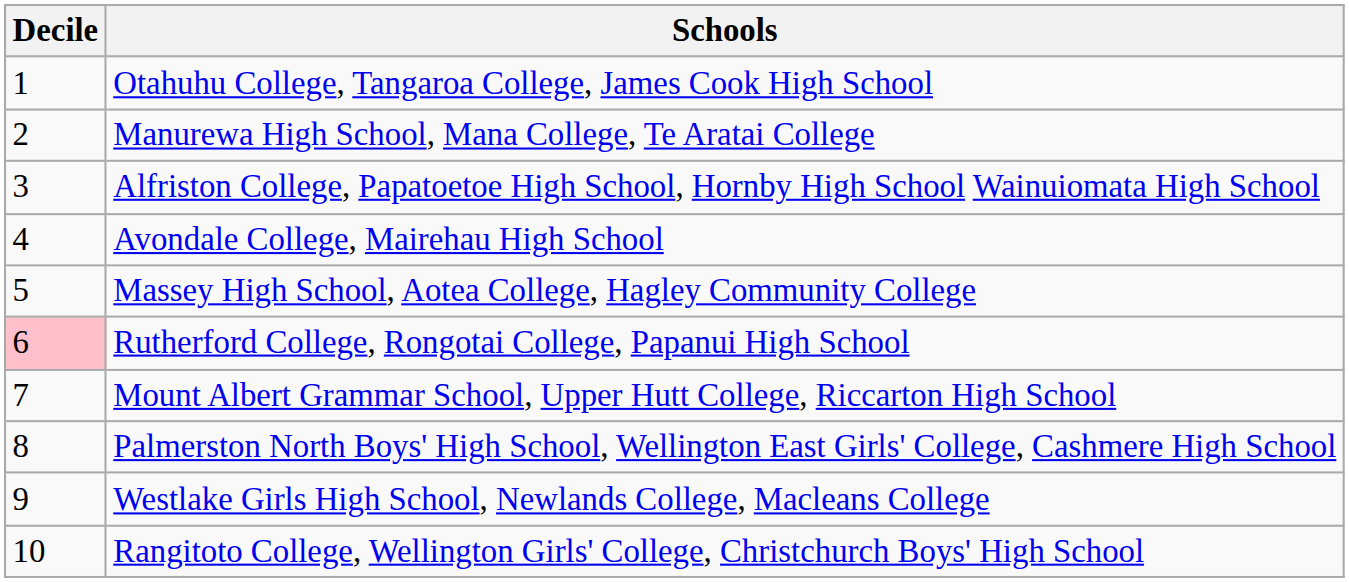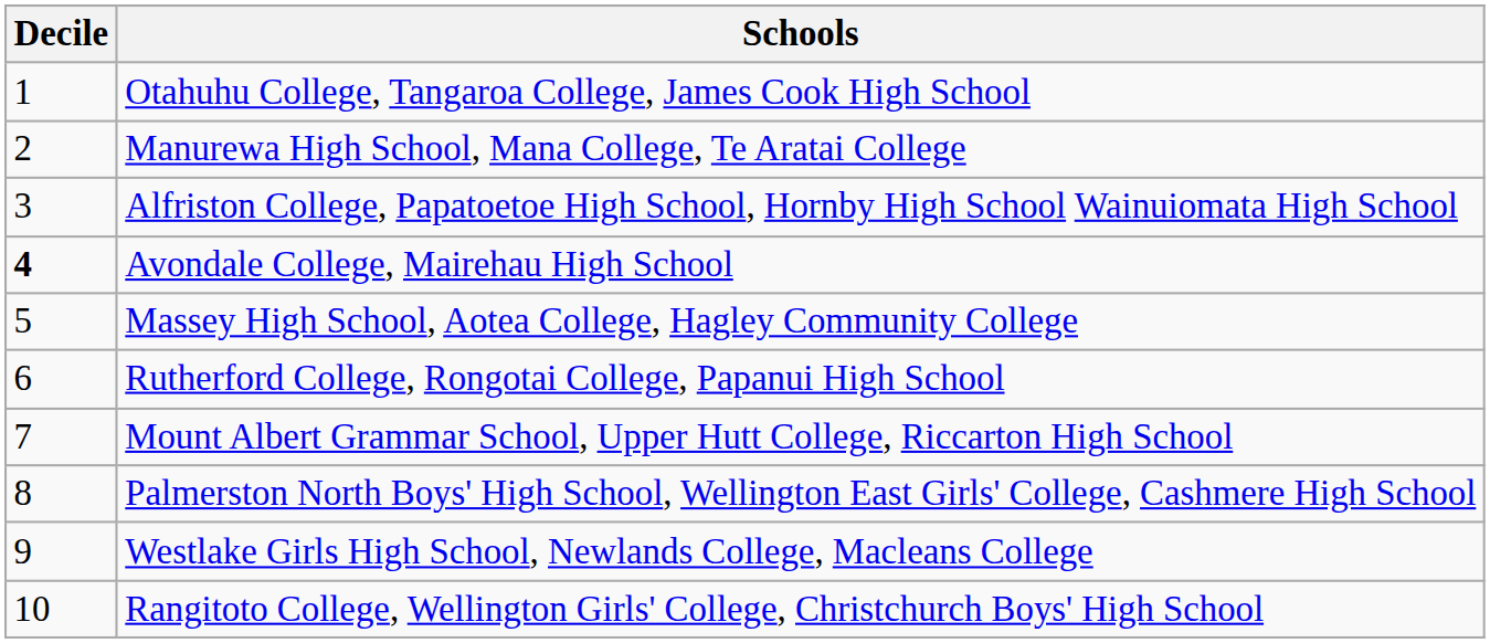 <table class="wikitable">
 <tr>
 <th>Decile</th>
 <th>Schools</th>
 </tr>
 <tr>
 <td>1</td>
 <td><a href='#'>Otahuhu College</a>, <a href='#'>Tangaroa College</a>, <a href='#'>James Cook High School</a></td>
 </tr>
 <tr>
 <td>2</td>
 <td><a href='#'>Manurewa High School</a>, <a href='#'>Mana College</a>, <a href='#'>Te Aratai College</a></td>
 </tr>
 <tr>
 <td>3</td>
 <td><a href='#'>Alfriston College</a>, <a href='#'>Papatoetoe High School</a>, <a href='#'>Hornby High School</a> <a href='#'>Wainuiomata High School</a></td>
 </tr>
 <tr>
-<td>4</td>
+<td><strong>4</strong></td>
 <td><a href='#'>Avondale College</a>, <a href='#'>Mairehau High School</a></td>
 </tr>
 <tr>
 <td>5</td>
 <td><a href='#'>Massey High School</a>, <a href='#'>Aotea College</a>, <a href='#'>Hagley Community College</a></td>
 </tr>
 <tr>
-<td style="background: pink;">6</td>
+<td>6</td>
 <td><a href='#'>Rutherford College</a>, <a href='#'>Rongotai College</a>, <a href='#'>Papanui High School</a></td>
 </tr>
 <tr>
 <td>7</td>
 <td><a href='#'>Mount Albert Grammar School</a>, <a href='#'>Upper Hutt College</a>, <a href='#'>Riccarton High School</a></td>
 </tr>
 <tr>
 <td>8</td>
 <td><a href='#'>Palmerston North Boys' High School</a>, <a href='#'>Wellington East Girls' College</a>, <a href='#'>Cashmere High School</a></td>
 </tr>
 <tr>
 <td>9</td>
 <td><a href='#'>Westlake Girls High School</a>, <a href='#'>Newlands College</a>, <a href='#'>Macleans College</a></td>
 </tr>
 <tr>
 <td>10</td>
 <td><a href='#'>Rangitoto College</a>, <a href='#'>Wellington Girls' College</a>, <a href='#'>Christchurch Boys' High School</a></td>
 </tr>
 </table>
